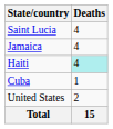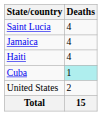 <table class="wikitable" style="float:right;margin:0 0 1em 1em;">
 <tr>
 <th>State/country</th>
 <th>Deaths</th>
 </tr>
 <tr>
 <td><a href='#'>Saint Lucia</a></td>
 <td>4</td>
 </tr>
 <tr>
 <td><a href='#'>Jamaica</a></td>
 <td>4</td>
 </tr>
 <tr>
 <td><a href='#'>Haiti</a></td>
-<td style="background: paleturquoise;">4</td>
+<td>4</td>
 </tr>
 <tr>
 <td><a href='#'>Cuba</a></td>
-<td>1</td>
+<td style="background: paleturquoise;">1</td>
 </tr>
 <tr>
 <td>United States</td>
 <td>2</td>
 </tr>
 <tr>
 <th>Total</th>
 <th>15</th>
 </tr>
 </table>
